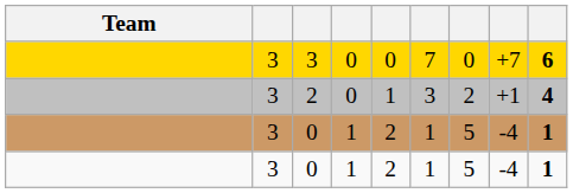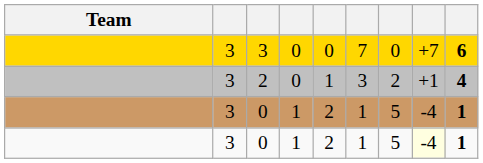 <table class="wikitable" style="text-align: center;">
 <tr>
 <th width=165>Team</th>
 <th width=20></th>
 <th width=20></th>
 <th width=20></th>
 <th width=20></th>
 <th width=20></th>
 <th width=20></th>
 <th width=20></th>
 <th width=20></th>
 </tr>
 <tr style="background:gold;">
 <td align=left></td>
 <td>3</td>
 <td>3</td>
 <td>0</td>
 <td>0</td>
 <td>7</td>
 <td>0</td>
 <td>+7</td>
 <td><strong>6</strong></td>
 </tr>
 <tr style="background:silver;">
 <td align=left></td>
 <td>3</td>
 <td>2</td>
 <td>0</td>
 <td>1</td>
 <td>3</td>
 <td>2</td>
 <td>+1</td>
 <td><strong>4</strong></td>
 </tr>
 <tr style="background:#c96;">
 <td align=left></td>
 <td>3</td>
 <td>0</td>
 <td>1</td>
 <td>2</td>
 <td>1</td>
 <td>5</td>
 <td>-4</td>
 <td><strong>1</strong></td>
 </tr>
 <tr>
 <td align=left></td>
 <td>3</td>
 <td>0</td>
 <td>1</td>
 <td>2</td>
 <td>1</td>
 <td>5</td>
-<td>-4</td>
+<td style="background: lightyellow;">-4</td>
 <td><strong>1</strong></td>
 </tr>
 </table>
